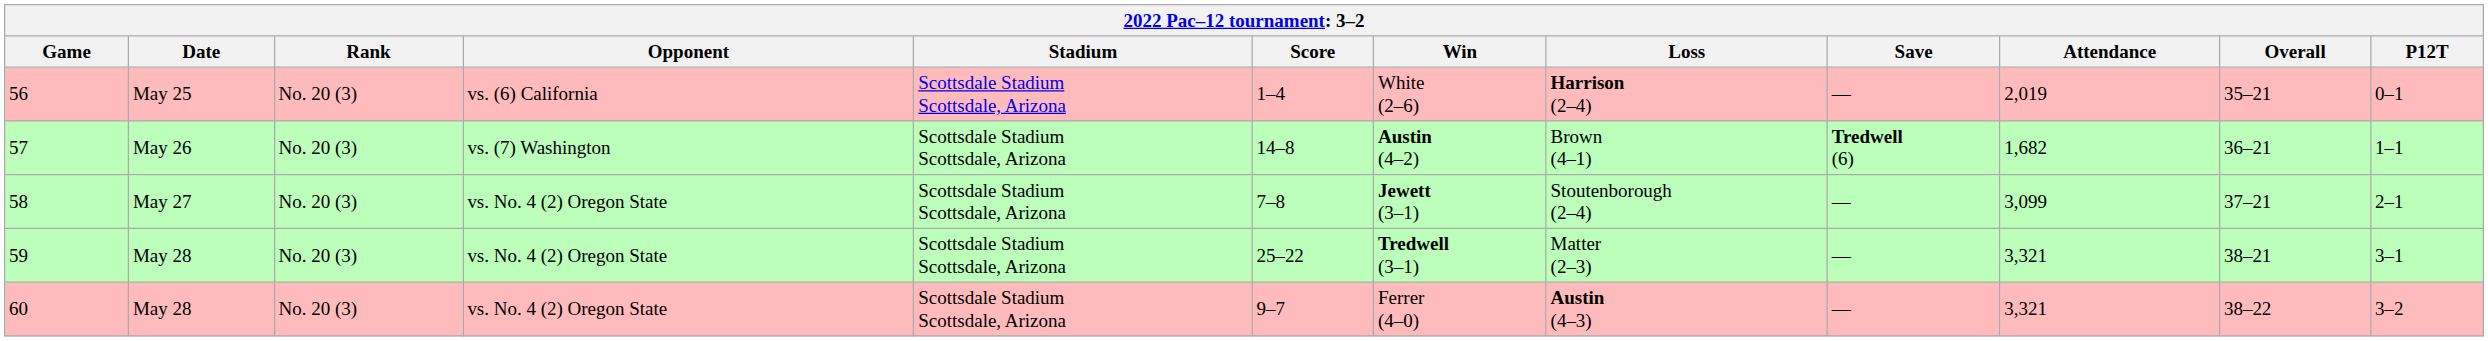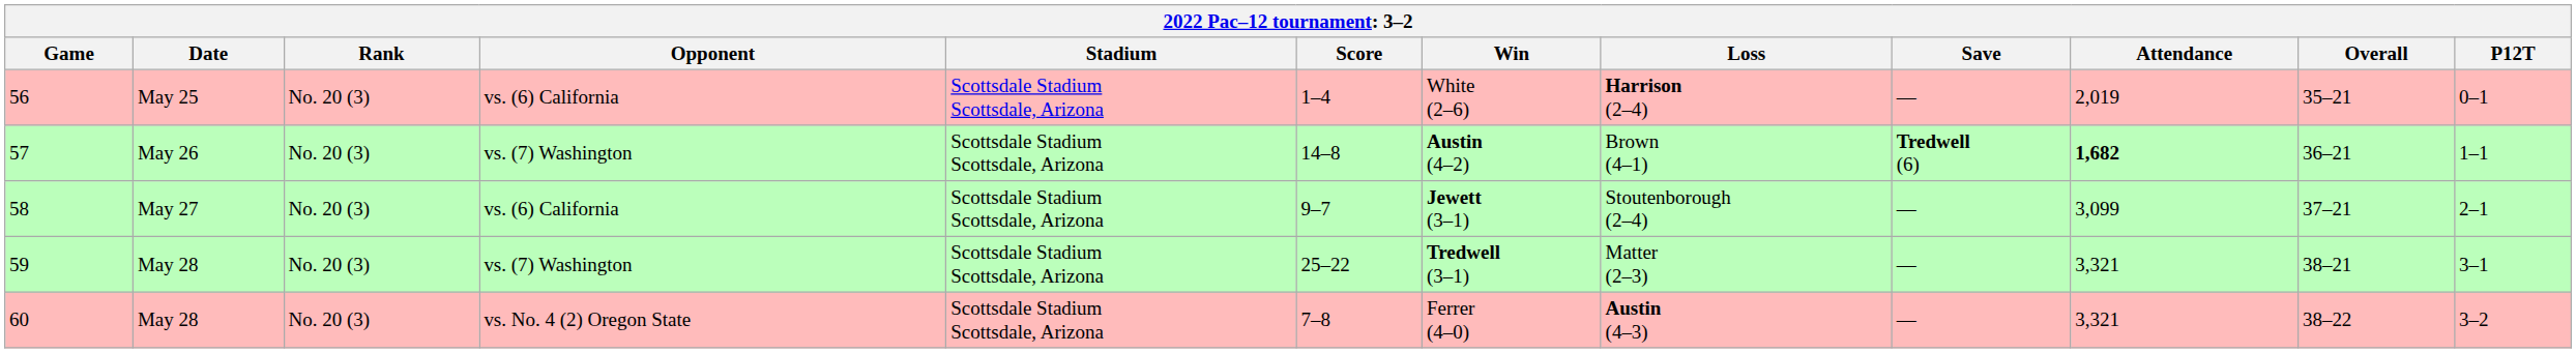 <table class="wikitable collapsible collapsed" style="margin:auto; font-size:95%; width:100%">
 <tr>
 <th colspan=12><a href='#'>2022 Pac–12 tournament</a>: 3–2</th>
 </tr>
 <tr>
 <th>Game</th>
 <th>Date</th>
 <th>Rank</th>
 <th>Opponent</th>
 <th>Stadium</th>
 <th>Score</th>
 <th>Win</th>
 <th>Loss</th>
 <th>Save</th>
 <th>Attendance</th>
 <th>Overall</th>
 <th>P12T</th>
 </tr>
 <tr style="background:#fbb;">
 <td>56</td>
 <td>May 25</td>
 <td>No. 20 (3)</td>
 <td>vs. (6) California</td>
 <td><a href='#'>Scottsdale Stadium</a><br><a href='#'>Scottsdale, Arizona</a></td>
 <td>1–4</td>
 <td>White<br>(2–6)</td>
 <td><strong>Harrison</strong><br>(2–4)</td>
 <td>—</td>
 <td>2,019</td>
 <td>35–21</td>
 <td>0–1</td>
 </tr>
 <tr style="background:#bfb;">
 <td>57</td>
 <td>May 26</td>
 <td>No. 20 (3)</td>
 <td>vs. (7) Washington</td>
 <td>Scottsdale Stadium<br>Scottsdale, Arizona</td>
 <td>14–8</td>
 <td><strong>Austin</strong><br>(4–2)</td>
 <td>Brown<br>(4–1)</td>
 <td><strong>Tredwell</strong><br>(6)</td>
-<td>1,682</td>
+<td><strong>1,682</strong></td>
 <td>36–21</td>
 <td>1–1</td>
 </tr>
 <tr style="background:#bfb;">
 <td>58</td>
 <td>May 27</td>
 <td>No. 20 (3)</td>
-<td>vs. No. 4 (2) Oregon State</td>
+<td>vs. (6) California</td>
 <td>Scottsdale Stadium<br>Scottsdale, Arizona</td>
-<td>7–8</td>
+<td>9–7 </td>
 <td><strong>Jewett</strong><br>(3–1)</td>
 <td>Stoutenborough<br>(2–4)</td>
 <td>—</td>
 <td>3,099</td>
 <td>37–21</td>
 <td>2–1</td>
 </tr>
 <tr style="background:#bfb;">
 <td>59</td>
 <td>May 28</td>
 <td>No. 20 (3)</td>
-<td>vs. No. 4 (2) Oregon State</td>
+<td>vs. (7) Washington</td>
 <td>Scottsdale Stadium<br>Scottsdale, Arizona</td>
 <td>25–22 </td>
 <td><strong>Tredwell</strong><br>(3–1)</td>
 <td>Matter<br>(2–3)</td>
 <td>—</td>
 <td>3,321</td>
 <td>38–21</td>
 <td>3–1</td>
 </tr>
 <tr style="background:#fbb;">
 <td>60</td>
 <td>May 28</td>
 <td>No. 20 (3)</td>
 <td>vs. No. 4 (2) Oregon State</td>
 <td>Scottsdale Stadium<br>Scottsdale, Arizona</td>
-<td>9–7 </td>
+<td>7–8</td>
 <td>Ferrer<br>(4–0)</td>
 <td><strong>Austin</strong><br>(4–3)</td>
 <td>—</td>
 <td>3,321</td>
 <td>38–22</td>
 <td>3–2</td>
 </tr>
 </table>
